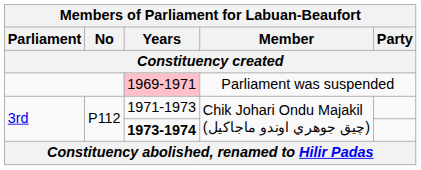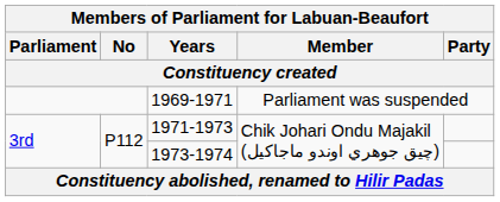 <table class=wikitable>
 <tr>
 <th colspan="5">Members of Parliament for Labuan-Beaufort</th>
 </tr>
 <tr>
 <th>Parliament</th>
 <th>No</th>
 <th>Years</th>
 <th>Member</th>
 <th>Party</th>
 </tr>
 <tr>
 <th colspan="5" align="center"><em>Constituency created</em></th>
 </tr>
 <tr>
 <td colspan="2"></td>
-<td style="background: pink;">1969-1971</td>
+<td>1969-1971</td>
 <td colspan=2 align=center>Parliament was suspended</td>
 </tr>
 <tr>
 <td rowspan=2><a href='#'>3rd</a></td>
 <td rowspan="2">P112</td>
 <td>1971-1973</td>
 <td rowspan=2>Chik Johari Ondu Majakil <br> (چيق جوهري اوندو ماجاكيل)</td>
 <td><a href='#'></a></td>
 </tr>
 <tr>
-<td><strong>1973-1974</strong></td>
+<td>1973-1974</td>
 <td></td>
 </tr>
 <tr>
 <th colspan="5" align="center"><em>Constituency abolished, renamed to <a href='#'>Hilir Padas</a></em></th>
 </tr>
 </table>
